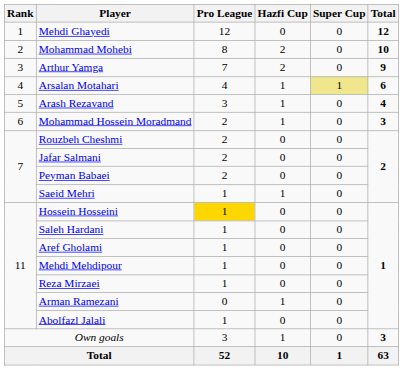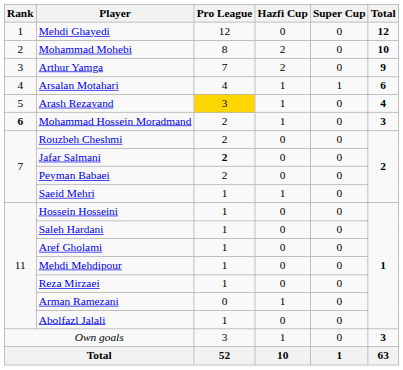 <table class="wikitable" style="text-align: center;">
 <tr>
 <th>Rank</th>
 <th>Player</th>
 <th>Pro League</th>
 <th>Hazfi Cup</th>
 <th>Super Cup</th>
 <th>Total</th>
 </tr>
 <tr>
 <td rowspan="1">1</td>
 <td align="left"> <a href='#'>Mehdi Ghayedi</a></td>
 <td>12</td>
 <td>0</td>
 <td>0</td>
 <td rowspan="1"><strong>12</strong></td>
 </tr>
 <tr>
 <td rowspan="1">2</td>
 <td align="left"> <a href='#'>Mohammad Mohebi</a></td>
 <td>8</td>
 <td>2</td>
 <td>0</td>
 <td rowspan="1"><strong>10</strong></td>
 </tr>
 <tr>
 <td rowspan="1">3</td>
 <td align="left"> <a href='#'>Arthur Yamga</a></td>
 <td>7</td>
 <td>2</td>
 <td>0</td>
 <td rowspan="1"><strong>9</strong></td>
 </tr>
 <tr>
 <td rowspan="1">4</td>
 <td align="left"> <a href='#'>Arsalan Motahari</a></td>
 <td>4</td>
 <td>1</td>
-<td style="background: khaki;">1</td>
+<td>1</td>
 <td rowspan="1"><strong>6</strong></td>
 </tr>
 <tr>
 <td rowspan="1">5</td>
 <td align="left"> <a href='#'>Arash Rezavand</a></td>
-<td>3</td>
+<td style="background: gold;">3</td>
 <td>1</td>
 <td>0</td>
 <td><strong>4</strong></td>
 </tr>
 <tr>
-<td>6</td>
+<td><strong>6</strong></td>
 <td align="left"> <a href='#'>Mohammad Hossein Moradmand</a></td>
 <td>2</td>
 <td>1</td>
 <td>0</td>
 <td><strong>3</strong></td>
 </tr>
 <tr>
 <td rowspan="4">7</td>
 <td align="left"> <a href='#'>Rouzbeh Cheshmi</a></td>
 <td>2</td>
 <td>0</td>
 <td>0</td>
 <td rowspan="4"><strong>2</strong></td>
 </tr>
 <tr>
 <td align="left"> <a href='#'>Jafar Salmani</a></td>
-<td>2</td>
+<td><strong>2</strong></td>
 <td>0</td>
 <td>0</td>
 </tr>
 <tr>
 <td align="left"> <a href='#'>Peyman Babaei</a></td>
 <td>2</td>
 <td>0</td>
 <td>0</td>
 </tr>
 <tr>
 <td align="left"> <a href='#'>Saeid Mehri</a></td>
 <td>1</td>
 <td>1</td>
 <td>0</td>
 </tr>
 <tr>
 <td rowspan="7">11</td>
 <td align="left"> <a href='#'>Hossein Hosseini</a></td>
-<td style="background: gold;">1</td>
+<td>1</td>
 <td>0</td>
 <td>0</td>
 <td rowspan="7"><strong>1</strong></td>
 </tr>
 <tr>
 <td align="left"> <a href='#'>Saleh Hardani</a></td>
 <td>1</td>
 <td>0</td>
 <td>0</td>
 </tr>
 <tr>
 <td align="left"> <a href='#'>Aref Gholami</a></td>
 <td>1</td>
 <td>0</td>
 <td>0</td>
 </tr>
 <tr>
 <td align="left"> <a href='#'>Mehdi Mehdipour</a></td>
 <td>1</td>
 <td>0</td>
 <td>0</td>
 </tr>
 <tr>
 <td align="left"> <a href='#'>Reza Mirzaei</a></td>
 <td>1</td>
 <td>0</td>
 <td>0</td>
 </tr>
 <tr>
 <td align="left"> <a href='#'>Arman Ramezani</a></td>
 <td>0</td>
 <td>1</td>
 <td>0</td>
 </tr>
 <tr>
 <td align="left"> <a href='#'>Abolfazl Jalali</a></td>
 <td>1</td>
 <td>0</td>
 <td>0</td>
 </tr>
 <tr>
 <td colspan=2 align=center><em>Own goals</em></td>
 <td>3</td>
 <td>1</td>
 <td>0</td>
 <td><strong>3</strong></td>
 </tr>
 <tr>
 <th colspan=2>Total</th>
 <th>52</th>
 <th>10</th>
 <th>1</th>
 <th>63</th>
 </tr>
 </table>
